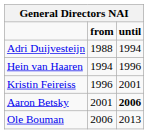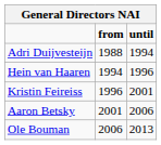 <table class="wikitable">
 <tr>
 <th colspan="16"><strong>General Directors NAI</strong></th>
 </tr>
 <tr>
 <td></td>
 <td><strong>from</strong></td>
 <td><strong>until</strong></td>
 </tr>
 <tr>
 <td><a href='#'>Adri Duijvesteijn</a></td>
 <td>1988</td>
 <td>1994</td>
 </tr>
 <tr>
 <td><a href='#'>Hein van Haaren</a></td>
 <td>1994</td>
 <td>1996</td>
 </tr>
 <tr>
 <td><a href='#'>Kristin Feireiss</a></td>
 <td>1996</td>
 <td>2001</td>
 </tr>
 <tr>
 <td><a href='#'>Aaron Betsky</a></td>
 <td>2001</td>
-<td><strong>2006</strong></td>
+<td>2006</td>
 </tr>
 <tr>
 <td><a href='#'>Ole Bouman</a></td>
 <td>2006</td>
 <td>2013</td>
 </tr>
 </table>
